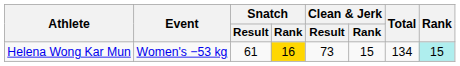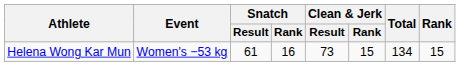 <table class="wikitable" style="font-size:90%">
 <tr>
 <th rowspan="2">Athlete</th>
 <th rowspan="2">Event</th>
 <th colspan="2">Snatch</th>
 <th colspan="2">Clean & Jerk</th>
 <th rowspan="2">Total</th>
 <th rowspan="2">Rank</th>
 </tr>
 <tr style="font-size:95%">
 <th>Result</th>
 <th>Rank</th>
 <th>Result</th>
 <th>Rank</th>
 </tr>
 <tr align=center>
 <td align=left><a href='#'>Helena Wong Kar Mun</a></td>
 <td align=left><a href='#'>Women's −53 kg</a></td>
 <td>61</td>
-<td style="background: gold;">16</td>
+<td>16</td>
 <td>73</td>
 <td>15</td>
 <td>134</td>
-<td style="background: paleturquoise;">15</td>
+<td>15</td>
 </tr>
 </table>
